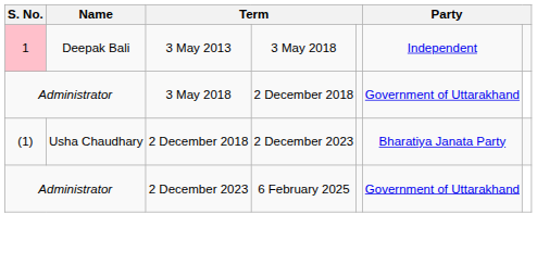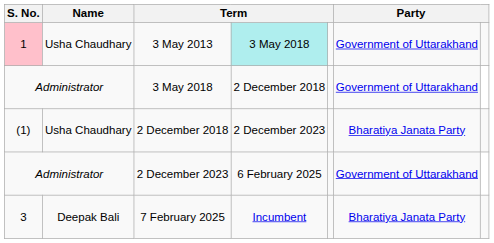 <table class="wikitable sortable">
 <tr>
 <th scope="col">S. No.</th>
 <th colspan=1>Name</th>
 <th colspan=3>Term</th>
 <th colspan=2>Party</th>
 </tr>
 <tr style="text-align:center; height:60px;">
 <td style="background: pink;">1</td>
-<td>Deepak Bali</td>
+<td>Usha Chaudhary</td>
 <td>3 May 2013</td>
-<td>3 May 2018</td>
+<td style="background: paleturquoise;">3 May 2018</td>
 <td></td>
-<td><a href='#'>Independent</a></td>
+<td><a href='#'>Government of Uttarakhand</a></td>
 <td width="4px" style="background-color: "></td>
 </tr>
 <tr style="text-align:center; height:60px;">
 <td colspan=2><em>Administrator</em></td>
 <td>3 May 2018</td>
 <td>2 December 2018</td>
 <td></td>
 <td><a href='#'>Government of Uttarakhand</a></td>
 <td style="background-color: white"></td>
 </tr>
 <tr style="text-align:center; height:60px;">
 <td>(1)</td>
 <td>Usha Chaudhary</td>
 <td>2 December 2018</td>
 <td>2 December 2023</td>
 <td></td>
 <td><a href='#'>Bharatiya Janata Party</a></td>
 <td width="4px" style="background-color: "></td>
 </tr>
 <tr style="text-align:center;height:60px;">
 <td colspan=2><em>Administrator</em></td>
 <td>2 December 2023</td>
 <td>6 February 2025</td>
 <td></td>
 <td><a href='#'>Government of Uttarakhand</a></td>
 <td style="background-color: white"></td>
 </tr>
+<tr style="text-align:center; height:60px;">
+<td>3</td>
+<td>Deepak Bali</td>
+<td>7 February 2025</td>
+<td><a href='#'>Incumbent</a></td>
+<td></td>
+<td><a href='#'>Bharatiya Janata Party</a></td>
+<td width="4px" style="background-color: "></td>
+</tr>
 </table>
